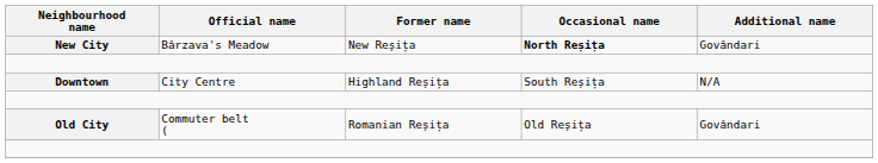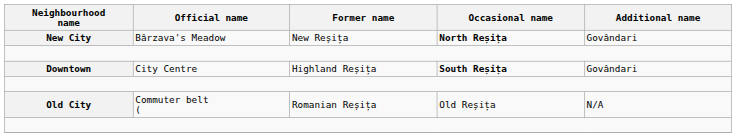 <table class="wikitable left" width="80%">
 <tr>
 <th scope="col">Neighbourhood<br>name<br></th>
 <th scope="col">Official name</th>
 <th scope="col">Former name</th>
 <th scope="col">Occasional name</th>
 <th scope="col">Additional name</th>
 </tr>
 <tr>
 <th scope="row">New City</th>
 <td>Bârzava's Meadow</td>
 <td>New Reșița</td>
 <td><strong>North Reșița</strong></td>
 <td>Govândari</td>
 </tr>
 <tr>
 <td colspan=6><br></td>
 </tr>
 <tr>
 <th scope="row">Downtown</th>
 <td>City Centre</td>
 <td>Highland Reșița</td>
-<td>South Reșița</td>
-<td>N/A</td>
+<td><strong>South Reșița</strong></td>
+<td>Govândari</td>
 </tr>
 <tr>
 <td colspan="6"><br></td>
 </tr>
 <tr>
 <th scope="row">Old City</th>
 <td>Commuter belt <br>(<br></td>
 <td>Romanian Reșița</td>
 <td>Old Reșița</td>
-<td>Govândari</td>
+<td>N/A</td>
 </tr>
 <tr>
 <td colspan=6><br></td>
 </tr>
 <tr>
 </tr>
 </table>
